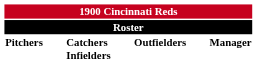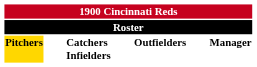 <table class="toccolours" style="font-size: 95%;">
 <tr>
 <th colspan="10" style="background-color: #c6011f; color: white; text-align: center;">1900 Cincinnati Reds</th>
 </tr>
 <tr>
 <td colspan="10" style="background-color: black; color: white; text-align: center;"><strong>Roster</strong></td>
 </tr>
 <tr>
-<td valign="top"><strong>Pitchers</strong><br>     </td>
+<td valign="top" style="background: gold;"><strong>Pitchers</strong><br>     </td>
 <td width="25px"></td>
 <td valign="top"><strong>Catchers</strong><br>   <strong>Infielders</strong>      </td>
 <td width="25px"></td>
 <td valign="top"><strong>Outfielders</strong><br>      </td>
 <td width="25px"></td>
 <td valign="top"><strong>Manager</strong><br></td>
 </tr>
 </table>
